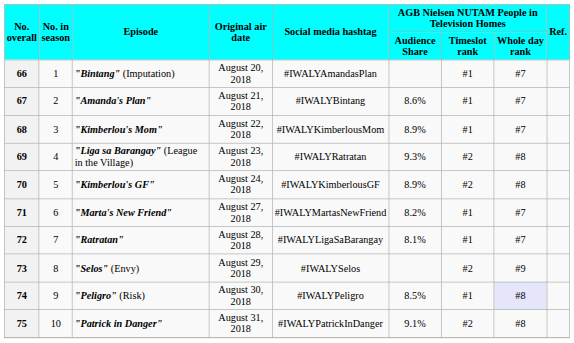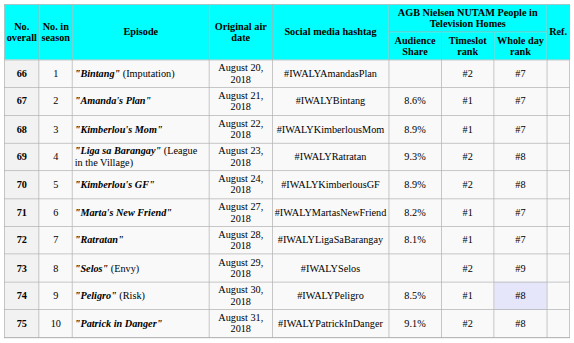 <table class="wikitable" style="text-align:center; font-size:100%; line-height:18px;" width="100%">
 <tr>
 <th style="background-color:#00FFFF; color:black;" rowspan="2">No.<br>overall</th>
 <th style="background-color:#00FFFF; color:black;" rowspan="2">No. in<br>season</th>
 <th style="background-color:#00FFFF; color:black;" rowspan="2">Episode</th>
 <th style="background-color:#00FFFF; color:black" rowspan="2">Original air date</th>
 <th style="background-color:#00FFFF; color:black" rowspan="2">Social media hashtag</th>
 <th style="background-color:#00FFFF; color:black;" colspan="3">AGB Nielsen NUTAM People in Television Homes</th>
 <th style="background-color:#00FFFF; color:black;" rowspan="2">Ref.</th>
 </tr>
 <tr>
 <th style="background-color:#00FFFF; width:75px; color:black;">Audience Share</th>
 <th style="background-color:#00FFFF; width:75px; color:black;">Timeslot<br>rank</th>
 <th style="background-color:#00FFFF; width:75px; color:black;">Whole day<br>rank</th>
 </tr>
 <tr>
 <th>66</th>
 <td>1</td>
 <td style="text-align: left;"><strong><em>"Bintang"</em></strong> (Imputation)</td>
 <td>August 20, 2018</td>
 <td>#IWALYAmandasPlan</td>
 <td></td>
-<td>#1</td>
+<td>#2</td>
 <td>#7</td>
 <td></td>
 </tr>
 <tr>
 <th>67</th>
 <td>2</td>
 <td style="text-align: left;"><strong><em>"Amanda's Plan"</em></strong></td>
 <td>August 21, 2018</td>
 <td>#IWALYBintang</td>
 <td>8.6%</td>
 <td>#1</td>
 <td>#7</td>
 <td></td>
 </tr>
 <tr>
 <th>68</th>
 <td>3</td>
 <td style="text-align: left;"><strong><em>"Kimberlou's Mom"</em></strong></td>
 <td>August 22, 2018</td>
 <td>#IWALYKimberlousMom</td>
 <td>8.9%</td>
 <td>#1</td>
 <td>#7</td>
 <td></td>
 </tr>
 <tr>
 <th>69</th>
 <td>4</td>
 <td style="text-align: left;"><strong><em>"Liga sa Barangay"</em></strong> (League in the Village)</td>
 <td>August 23, 2018</td>
 <td>#IWALYRatratan</td>
 <td>9.3%</td>
 <td>#2</td>
 <td>#8</td>
 <td></td>
 </tr>
 <tr>
 <th>70</th>
 <td>5</td>
 <td style="text-align: left;"><strong><em>"Kimberlou's GF"</em></strong></td>
 <td>August 24, 2018</td>
 <td>#IWALYKimberlousGF</td>
 <td>8.9%</td>
 <td>#2</td>
 <td>#8</td>
 <td></td>
 </tr>
 <tr>
 <th>71</th>
 <td>6</td>
 <td style="text-align: left;"><strong><em>"Marta's New Friend"</em></strong></td>
 <td>August 27, 2018</td>
 <td>#IWALYMartasNewFriend</td>
 <td>8.2%</td>
 <td>#1</td>
 <td>#7</td>
 <td></td>
 </tr>
 <tr>
 <th>72</th>
 <td>7</td>
 <td style="text-align: left;"><strong><em>"Ratratan"</em></strong></td>
 <td>August 28, 2018</td>
 <td>#IWALYLigaSaBarangay</td>
 <td>8.1%</td>
 <td>#1</td>
 <td>#7</td>
 <td></td>
 </tr>
 <tr>
 <th>73</th>
 <td>8</td>
 <td style="text-align: left;"><strong><em>"Selos"</em></strong> (Envy)</td>
 <td>August 29, 2018</td>
 <td>#IWALYSelos</td>
 <td></td>
 <td>#2</td>
 <td>#9</td>
 <td></td>
 </tr>
 <tr>
 <th>74</th>
 <td>9</td>
 <td style="text-align: left;"><strong><em>"Peligro"</em></strong> (Risk)</td>
 <td>August 30, 2018</td>
 <td>#IWALYPeligro</td>
 <td>8.5%</td>
 <td>#1</td>
 <td style="background: lavender;">#8</td>
 <td></td>
 </tr>
 <tr>
 <th>75</th>
 <td>10</td>
 <td style="text-align: left;"><strong><em>"Patrick in Danger"</em></strong></td>
 <td>August 31, 2018</td>
 <td>#IWALYPatrickInDanger</td>
 <td>9.1%</td>
 <td>#2</td>
 <td>#8</td>
 <td></td>
 </tr>
 <tr>
 </tr>
 </table>
